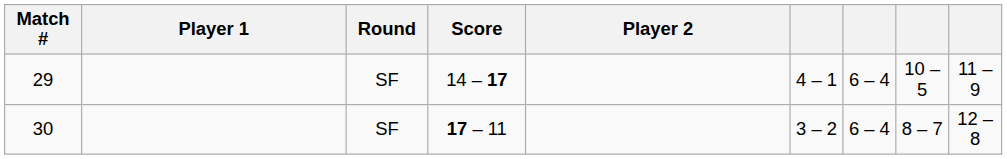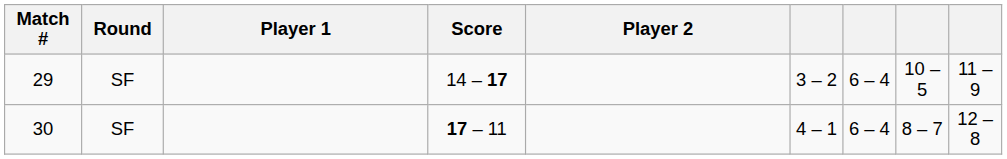 <table class="wikitable">
 <tr>
 <th width="2%">Match #</th>
+<th width="2%">Round</th>
 <th width="15%">Player 1</th>
-<th width="2%">Round</th>
 <th width="5%">Score</th>
 <th width="15%">Player 2</th>
 <th width="3%"></th>
 <th width="3%"></th>
 <th width="3%"></th>
 <th width="3%"></th>
 </tr>
 <tr style=text-align:center;"background:#;">
 <td>29</td>
+<td>SF</td>
 <td></td>
-<td>SF</td>
 <td>14 – <strong>17</strong></td>
 <td></td>
-<td>4 – 1</td>
+<td>3 – 2</td>
 <td>6 – 4</td>
 <td>10 – 5</td>
 <td>11 – 9</td>
 </tr>
 <tr style=text-align:center;"background:#;">
 <td>30</td>
+<td>SF</td>
 <td></td>
-<td>SF</td>
 <td><strong>17</strong> – 11</td>
 <td></td>
-<td>3 – 2</td>
+<td>4 – 1</td>
 <td>6 – 4</td>
 <td>8 – 7</td>
 <td>12 – 8</td>
 </tr>
 </table>
